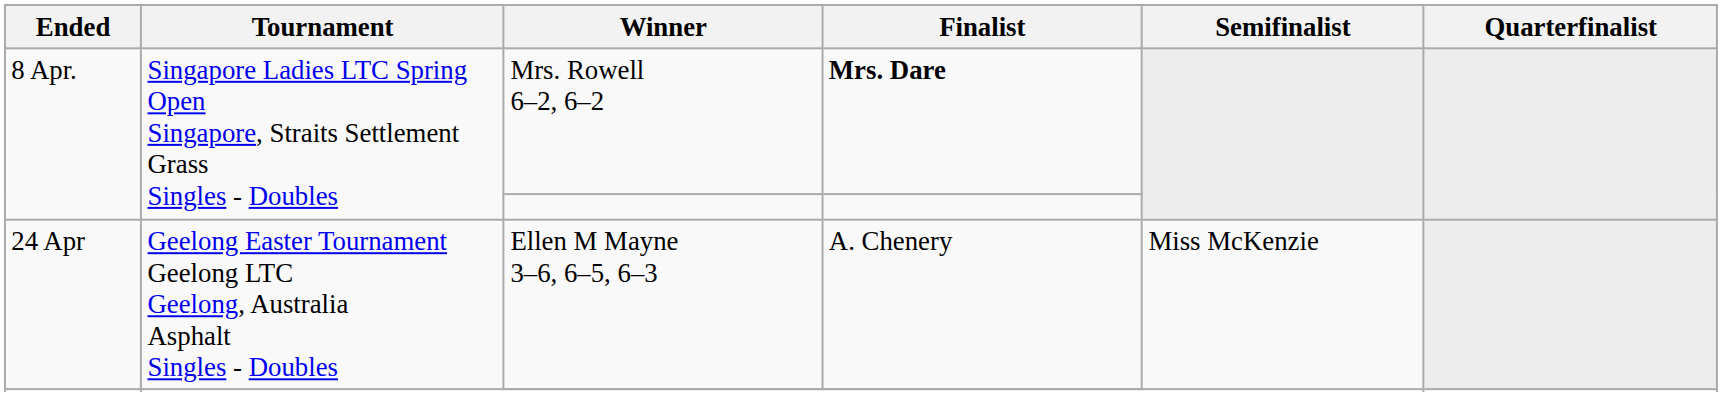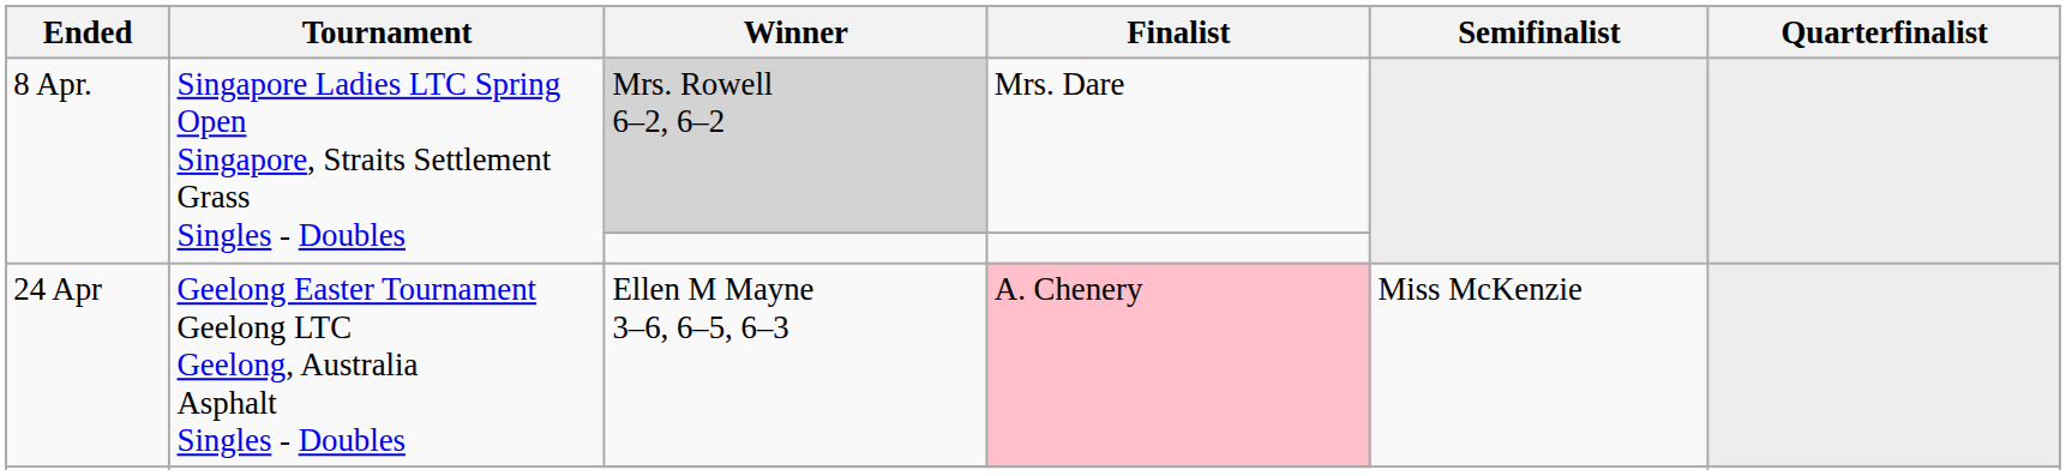 <table class="wikitable" style="font-size:85%;">
 <tr>
 <th width="75">Ended</th>
 <th width="230">Tournament</th>
 <th width="210">Winner</th>
 <th width="210">Finalist</th>
 <th width="170">Semifinalist</th>
 <th width="170">Quarterfinalist</th>
 </tr>
 <tr valign=top>
 <td rowspan=2>8 Apr.</td>
 <td rowspan=2><a href='#'>Singapore Ladies LTC Spring Open</a><br><a href='#'>Singapore</a>, Straits Settlement<br>Grass<br><a href='#'>Singles</a> - <a href='#'>Doubles</a></td>
-<td> Mrs. Rowell<br>6–2, 6–2</td>
-<td><strong>  Mrs. Dare</strong></td>
+<td style="background: lightgrey;"> Mrs. Rowell<br>6–2, 6–2</td>
+<td>  Mrs. Dare</td>
 <td style="background:#ededed;" rowspan=2></td>
 <td style="background:#ededed;" rowspan=2></td>
 </tr>
 <tr valign=top>
 <td></td>
 <td></td>
 </tr>
 <tr valign=top>
 <td rowspan=2>24 Apr</td>
 <td rowspan=2><a href='#'>Geelong Easter Tournament</a><br>Geelong LTC<br><a href='#'>Geelong</a>, Australia<br>Asphalt<br><a href='#'>Singles</a> - <a href='#'>Doubles</a></td>
 <td> Ellen M Mayne<br>3–6, 6–5, 6–3</td>
-<td>  A. Chenery</td>
+<td style="background: pink;">  A. Chenery</td>
 <td rowspan=2> Miss McKenzie</td>
 <td style="background:#ededed;" rowspan=2></td>
 </tr>
 <tr valign=top>
 </tr>
 </table>
